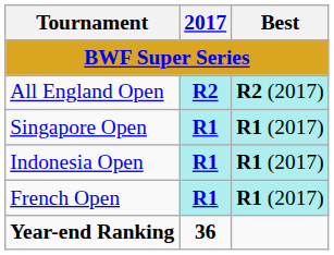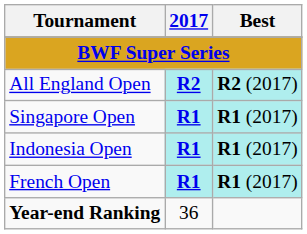 <table style='font-size: 90%; text-align:center;' class='wikitable'>
 <tr>
 <th>Tournament</th>
 <th><a href='#'>2017</a></th>
 <th>Best</th>
 </tr>
 <tr>
 </tr>
 <tr bgcolor=DAA520>
 <td colspan="3" align=center><strong><a href='#'>BWF Super Series</a></strong></td>
 </tr>
 <tr>
 <td align=left> <a href='#'>All England Open</a></td>
 <td bgcolor=AFEEEE><a href='#'><strong>R2</strong></a></td>
 <td bgcolor=AFEEEE><strong>R2</strong> (2017)</td>
 </tr>
 <tr>
 <td align=left> <a href='#'>Singapore Open</a></td>
 <td bgcolor=AFEEEE><a href='#'><strong>R1</strong></a></td>
 <td bgcolor=AFEEEE><strong>R1</strong> (2017)</td>
 </tr>
 <tr>
 <td align=left> <a href='#'>Indonesia Open</a></td>
 <td bgcolor=AFEEEE><a href='#'><strong>R1</strong></a></td>
 <td bgcolor=AFEEEE><strong>R1</strong> (2017)</td>
 </tr>
 <tr>
 <td align=left> <a href='#'>French Open</a></td>
 <td bgcolor=AFEEEE><a href='#'><strong>R1</strong></a></td>
 <td bgcolor=AFEEEE><strong>R1</strong> (2017)</td>
 </tr>
 <tr>
 <td align=left><strong>Year-end Ranking</strong></td>
-<td align=center><strong>36</strong></td>
+<td align=center>36</td>
 <td></td>
 </tr>
 </table>
